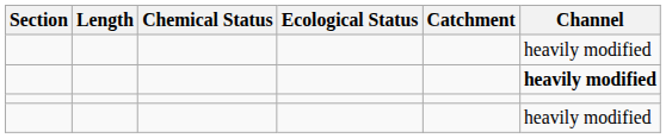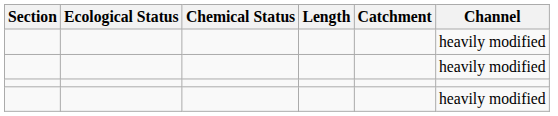 <table class="wikitable">
 <tr>
 <th>Section</th>
+<th>Ecological Status</th>
+<th>Chemical Status</th>
 <th>Length</th>
-<th>Chemical Status</th>
-<th>Ecological Status</th>
 <th>Catchment</th>
 <th>Channel</th>
 </tr>
 <tr>
 <td></td>
 <td></td>
 <td></td>
 <td></td>
 <td></td>
 <td>heavily modified</td>
 </tr>
 <tr>
 <td></td>
 <td></td>
 <td></td>
 <td></td>
 <td></td>
-<td><strong>heavily modified</strong></td>
+<td>heavily modified</td>
 </tr>
 <tr>
 <td></td>
 <td></td>
 <td></td>
 <td></td>
 <td></td>
 <td></td>
 </tr>
 <tr>
 <td></td>
 <td></td>
 <td></td>
 <td></td>
 <td></td>
 <td>heavily modified</td>
 </tr>
 </table>
